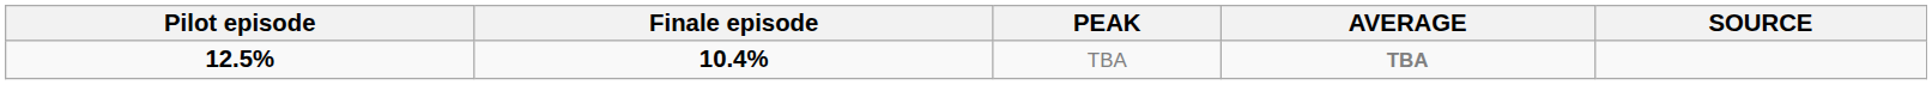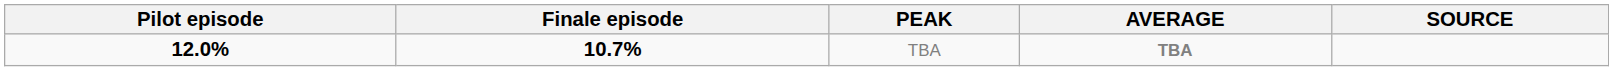 <table class="wikitable" style="text-align:center; background:#f9f9f9; line-height:16px;" width="100%">
 <tr>
 <th>Pilot episode</th>
 <th>Finale episode</th>
 <th>PEAK</th>
 <th>AVERAGE</th>
 <th>SOURCE</th>
 </tr>
 <tr style="text-align:center;">
-<td><strong>12.5%</strong></td>
-<td><strong>10.4%</strong></td>
+<td><strong>12.0%</strong></td>
+<td><strong>10.7%</strong></td>
 <td style="color:gray;"><small>TBA</small></td>
 <td style="color:gray;"><strong><small>TBA</small></strong></td>
 <td></td>
 </tr>
 </table>
